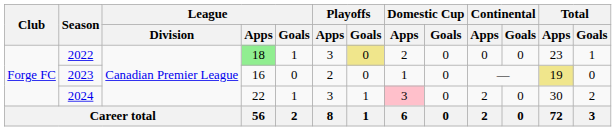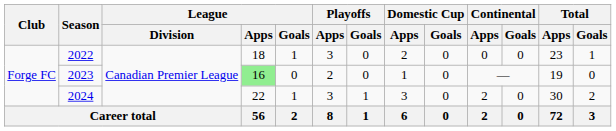 <table class="wikitable" style="text-align:center">
 <tr>
 <th rowspan="2">Club</th>
 <th rowspan="2">Season</th>
 <th colspan="3">League</th>
 <th colspan="2">Playoffs</th>
 <th colspan="2">Domestic Cup</th>
 <th colspan="2">Continental</th>
 <th colspan="2">Total</th>
 </tr>
 <tr>
 <th>Division</th>
 <th>Apps</th>
 <th>Goals</th>
 <th>Apps</th>
 <th>Goals</th>
 <th>Apps</th>
 <th>Goals</th>
 <th>Apps</th>
 <th>Goals</th>
 <th>Apps</th>
 <th>Goals</th>
 </tr>
 <tr>
 <td rowspan=3><a href='#'>Forge FC</a></td>
 <td><a href='#'>2022</a></td>
 <td rowspan=3><a href='#'>Canadian Premier League</a></td>
-<td style="background: lightgreen;">18</td>
+<td>18</td>
 <td>1</td>
 <td>3</td>
-<td style="background: khaki;">0</td>
+<td>0</td>
 <td>2</td>
 <td>0</td>
 <td>0</td>
 <td>0</td>
 <td>23</td>
 <td>1</td>
 </tr>
 <tr>
 <td><a href='#'>2023</a></td>
-<td>16</td>
+<td style="background: lightgreen;">16</td>
 <td>0</td>
 <td>2</td>
 <td>0</td>
 <td>1</td>
 <td>0</td>
 <td colspan="2">—</td>
-<td style="background: khaki;">19</td>
+<td>19</td>
 <td>0</td>
 </tr>
 <tr>
 <td><a href='#'>2024</a></td>
 <td>22</td>
 <td>1</td>
 <td>3</td>
 <td>1</td>
-<td style="background: pink;">3</td>
+<td>3</td>
 <td>0</td>
 <td>2</td>
 <td>0</td>
 <td>30</td>
 <td>2</td>
 </tr>
 <tr>
 <th colspan="3">Career total</th>
 <th>56</th>
 <th>2</th>
 <th>8</th>
 <th>1</th>
 <th>6</th>
 <th>0</th>
 <th>2</th>
 <th>0</th>
 <th>72</th>
 <th>3</th>
 </tr>
 </table>
